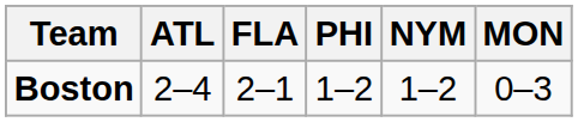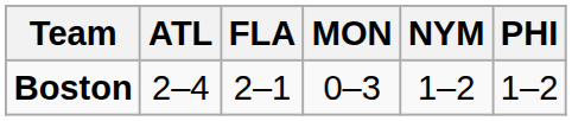 <table class="wikitable" style="text-align:center; font-size: 95%;">
 <tr>
 <th>Team</th>
 <th>ATL</th>
 <th>FLA</th>
+<th>MON</th>
+<th>NYM</th>
 <th>PHI</th>
-<th>NYM</th>
-<th>MON</th>
 </tr>
 <tr>
 <td><strong>Boston</strong></td>
 <td>2–4</td>
 <td>2–1</td>
+<td>0–3</td>
 <td>1–2</td>
 <td>1–2</td>
-<td>0–3</td>
 </tr>
 </table>
